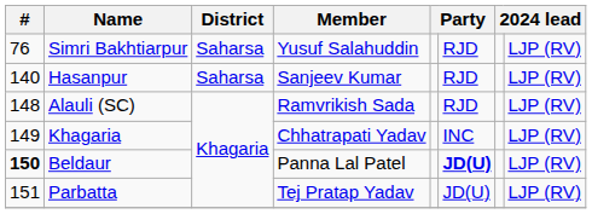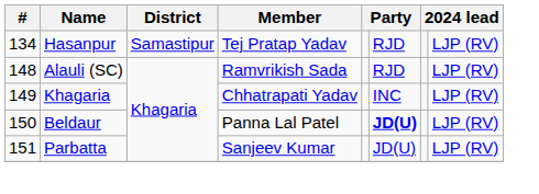 <table class="wikitable">
 <tr>
 <th>#</th>
 <th>Name</th>
 <th>District</th>
 <th>Member</th>
 <th colspan="2">Party</th>
 <th colspan="2">2024 lead</th>
 </tr>
 <tr>
-<td>76</td>
-<td><a href='#'>Simri Bakhtiarpur</a></td>
-<td><a href='#'>Saharsa</a></td>
-<td><a href='#'>Yusuf Salahuddin</a></td>
-<td style="background-color: "></td>
-<td><a href='#'>RJD</a></td>
-<td style="background-color: "></td>
-<td><a href='#'>LJP (RV)</a></td>
-</tr>
-<tr>
-<td>140</td>
+<td>134</td>
 <td><a href='#'>Hasanpur</a></td>
-<td><a href='#'>Saharsa</a></td>
-<td><a href='#'>Sanjeev Kumar</a></td>
+<td><a href='#'>Samastipur</a></td>
+<td><a href='#'>Tej Pratap Yadav</a></td>
 <td style="background-color: "></td>
 <td><a href='#'>RJD</a></td>
 <td style="background-color: "></td>
 <td><a href='#'>LJP (RV)</a></td>
 </tr>
 <tr>
 <td>148</td>
 <td><a href='#'>Alauli</a> (SC)</td>
 <td rowspan="4"><a href='#'>Khagaria</a></td>
 <td><a href='#'>Ramvrikish Sada</a></td>
 <td style="background-color: "></td>
 <td><a href='#'>RJD</a></td>
 <td style="background-color: "></td>
 <td><a href='#'>LJP (RV)</a></td>
 </tr>
 <tr>
 <td>149</td>
 <td><a href='#'>Khagaria</a></td>
 <td><a href='#'>Chhatrapati Yadav</a></td>
 <td style="background-color: "></td>
 <td><a href='#'>INC</a></td>
 <td style="background-color: "></td>
 <td><a href='#'>LJP (RV)</a></td>
 </tr>
 <tr>
-<td><strong>150</strong></td>
+<td>150</td>
 <td><a href='#'>Beldaur</a></td>
 <td>Panna Lal Patel</td>
 <td style="background-color: "></td>
 <td><strong><a href='#'>JD(U)</a></strong></td>
 <td style="background-color: "></td>
 <td><a href='#'>LJP (RV)</a></td>
 </tr>
 <tr>
 <td>151</td>
 <td><a href='#'>Parbatta</a></td>
-<td><a href='#'>Tej Pratap Yadav</a></td>
+<td><a href='#'>Sanjeev Kumar</a></td>
 <td style="background-color: "></td>
 <td><a href='#'>JD(U)</a></td>
 <td style="background-color: "></td>
 <td><a href='#'>LJP (RV)</a></td>
 </tr>
 <tr>
 </tr>
 </table>
